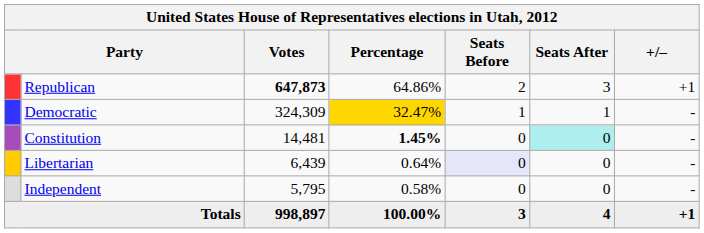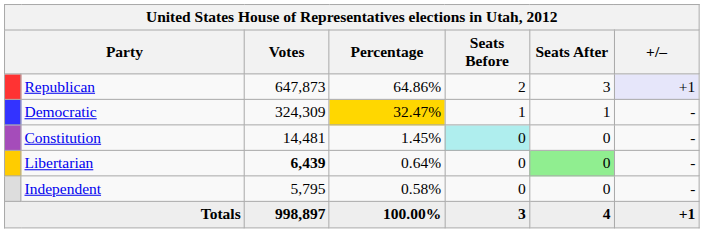 <table class="wikitable" style="font-size: 95%;">
 <tr>
 <th colspan="7">United States House of Representatives elections in Utah, 2012</th>
 </tr>
 <tr>
 <th colspan=2 style="width: 15em">Party</th>
 <th style="width: 5em">Votes</th>
 <th style="width: 7em">Percentage</th>
 <th style="width: 5em">Seats Before</th>
 <th style="width: 5em">Seats After</th>
 <th style="width: 5em">+/–</th>
 </tr>
 <tr>
 <th style="background-color:#FF3333; width: 3px"></th>
 <td style="width: 130px"><a href='#'>Republican</a></td>
-<td align="right"><strong>647,873</strong></td>
+<td align="right">647,873</td>
 <td align="right">64.86%</td>
 <td align="right">2</td>
 <td align="right">3</td>
-<td align="right">+1</td>
+<td align="right" style="background: lavender;">+1</td>
 </tr>
 <tr>
 <th style="background-color:#3333FF; width: 3px"></th>
 <td style="width: 130px"><a href='#'>Democratic</a></td>
 <td align="right">324,309</td>
 <td align="right" style="background: gold;">32.47%</td>
 <td align="right">1</td>
 <td align="right">1</td>
 <td align="right">-</td>
 </tr>
 <tr>
 <th style="background-color:#A54CBA; width: 3px"></th>
 <td style="width: 130px"><a href='#'>Constitution</a></td>
 <td align="right">14,481</td>
-<td align="right"><strong>1.45%</strong></td>
+<td align="right">1.45%</td>
+<td align="right" style="background: paleturquoise;">0</td>
 <td align="right">0</td>
-<td align="right" style="background: paleturquoise;">0</td>
 <td align="right">-</td>
 </tr>
 <tr>
 <th style="background-color:#FFCC00; width: 3px"></th>
 <td style="width: 130px"><a href='#'>Libertarian</a></td>
-<td align="right">6,439</td>
+<td align="right"><strong>6,439</strong></td>
 <td align="right">0.64%</td>
-<td align="right" style="background: lavender;">0</td>
 <td align="right">0</td>
+<td align="right" style="background: lightgreen;">0</td>
 <td align="right">-</td>
 </tr>
 <tr>
 <th style="background-color:#DDDDDD; width: 3px"></th>
 <td style="width: 130px"><a href='#'>Independent</a></td>
 <td align="right">5,795</td>
 <td align="right">0.58%</td>
 <td align="right">0</td>
 <td align="right">0</td>
 <td align="right">-</td>
 </tr>
 <tr bgcolor="#EEEEEE">
 <td colspan="2" align="right"><strong>Totals</strong></td>
 <td align="right"><strong>998,897</strong></td>
 <td align="right"><strong>100.00%</strong></td>
 <td align="right"><strong>3</strong></td>
 <td align="right"><strong>4</strong></td>
 <td align="right"><strong>+1</strong></td>
 </tr>
 </table>
